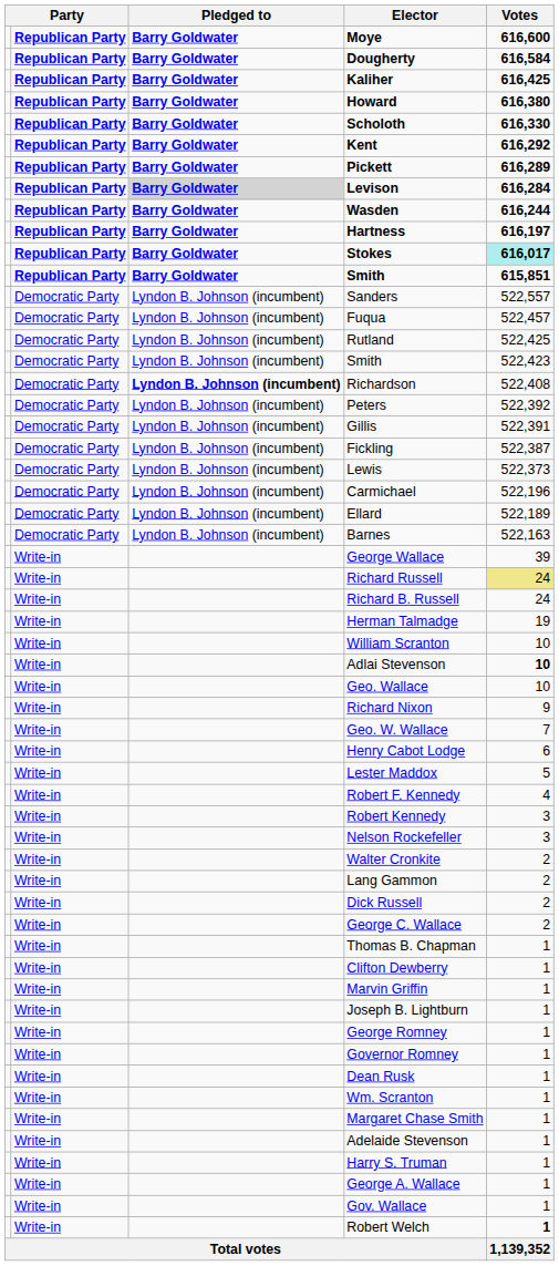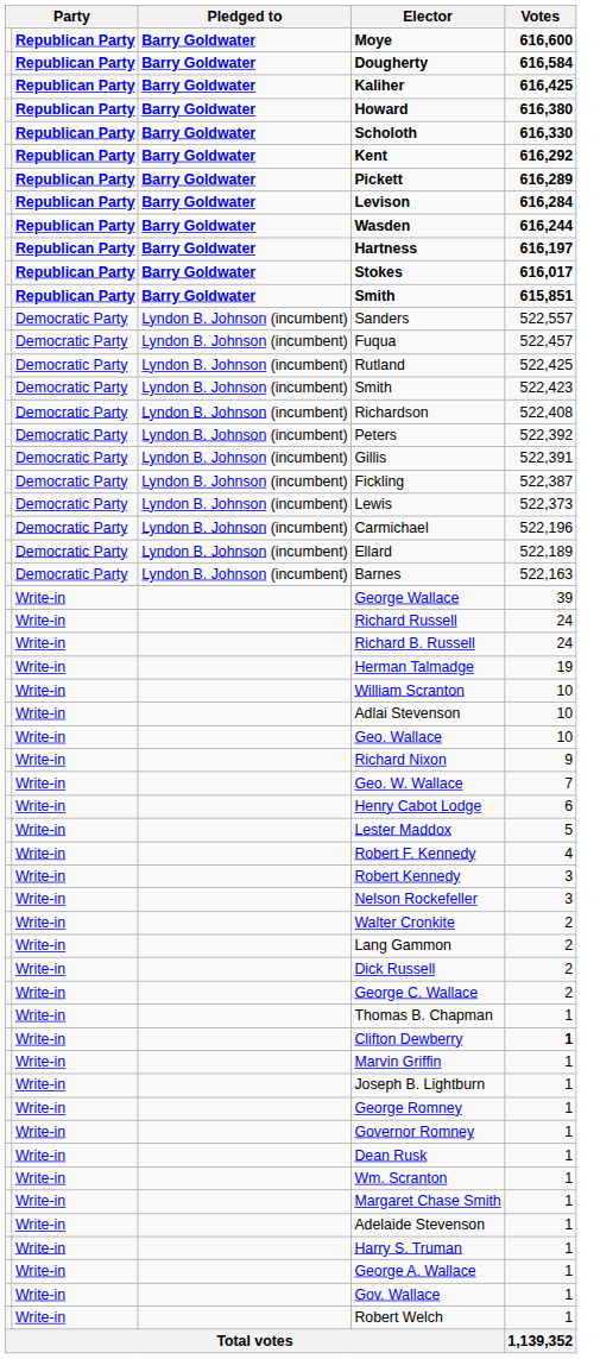 <table class="wikitable">
 <tr>
 <th colspan=2>Party</th>
 <th>Pledged to</th>
 <th>Elector</th>
 <th>Votes</th>
 </tr>
 <tr style="font-weight:bold">
 <td bgcolor=></td>
 <td><a href='#'>Republican Party</a></td>
 <td><a href='#'>Barry Goldwater</a></td>
 <td>Moye</td>
 <td align=right>616,600</td>
 </tr>
 <tr style="font-weight:bold">
 <td bgcolor=></td>
 <td><a href='#'>Republican Party</a></td>
 <td><a href='#'>Barry Goldwater</a></td>
 <td>Dougherty</td>
 <td align=right>616,584</td>
 </tr>
 <tr style="font-weight:bold">
 <td bgcolor=></td>
 <td><a href='#'>Republican Party</a></td>
 <td><a href='#'>Barry Goldwater</a></td>
 <td>Kaliher</td>
 <td align=right>616,425</td>
 </tr>
 <tr style="font-weight:bold">
 <td bgcolor=></td>
 <td><a href='#'>Republican Party</a></td>
 <td><a href='#'>Barry Goldwater</a></td>
 <td>Howard</td>
 <td align=right>616,380</td>
 </tr>
 <tr style="font-weight:bold">
 <td bgcolor=></td>
 <td><a href='#'>Republican Party</a></td>
 <td><a href='#'>Barry Goldwater</a></td>
 <td>Scholoth</td>
 <td align=right>616,330</td>
 </tr>
 <tr style="font-weight:bold">
 <td bgcolor=></td>
 <td><a href='#'>Republican Party</a></td>
 <td><a href='#'>Barry Goldwater</a></td>
 <td>Kent</td>
 <td align=right>616,292</td>
 </tr>
 <tr style="font-weight:bold">
 <td bgcolor=></td>
 <td><a href='#'>Republican Party</a></td>
 <td><a href='#'>Barry Goldwater</a></td>
 <td>Pickett</td>
 <td align=right>616,289</td>
 </tr>
 <tr style="font-weight:bold">
 <td bgcolor=></td>
 <td><a href='#'>Republican Party</a></td>
-<td style="background: lightgrey;"><a href='#'>Barry Goldwater</a></td>
+<td><a href='#'>Barry Goldwater</a></td>
 <td>Levison</td>
 <td align=right>616,284</td>
 </tr>
 <tr style="font-weight:bold">
 <td bgcolor=></td>
 <td><a href='#'>Republican Party</a></td>
 <td><a href='#'>Barry Goldwater</a></td>
 <td>Wasden</td>
 <td align=right>616,244</td>
 </tr>
 <tr style="font-weight:bold">
 <td bgcolor=></td>
 <td><a href='#'>Republican Party</a></td>
 <td><a href='#'>Barry Goldwater</a></td>
 <td>Hartness</td>
 <td align=right>616,197</td>
 </tr>
 <tr style="font-weight:bold">
 <td bgcolor=></td>
 <td><a href='#'>Republican Party</a></td>
 <td><a href='#'>Barry Goldwater</a></td>
 <td>Stokes</td>
-<td align=right style="background: paleturquoise;">616,017</td>
+<td align=right>616,017</td>
 </tr>
 <tr style="font-weight:bold">
 <td bgcolor=></td>
 <td><a href='#'>Republican Party</a></td>
 <td><a href='#'>Barry Goldwater</a></td>
 <td>Smith</td>
 <td align=right>615,851</td>
 </tr>
 <tr>
 <td bgcolor=></td>
 <td><a href='#'>Democratic Party</a></td>
 <td><a href='#'>Lyndon B. Johnson</a> (incumbent)</td>
 <td>Sanders</td>
 <td align=right>522,557</td>
 </tr>
 <tr>
 <td bgcolor=></td>
 <td><a href='#'>Democratic Party</a></td>
 <td><a href='#'>Lyndon B. Johnson</a> (incumbent)</td>
 <td>Fuqua</td>
 <td align=right>522,457</td>
 </tr>
 <tr>
 <td bgcolor=></td>
 <td><a href='#'>Democratic Party</a></td>
 <td><a href='#'>Lyndon B. Johnson</a> (incumbent)</td>
 <td>Rutland</td>
 <td align=right>522,425</td>
 </tr>
 <tr>
 <td bgcolor=></td>
 <td><a href='#'>Democratic Party</a></td>
 <td><a href='#'>Lyndon B. Johnson</a> (incumbent)</td>
 <td>Smith</td>
 <td align=right>522,423</td>
 </tr>
 <tr>
 <td bgcolor=></td>
 <td><a href='#'>Democratic Party</a></td>
-<td><strong><a href='#'>Lyndon B. Johnson</a> (incumbent)</strong></td>
+<td><a href='#'>Lyndon B. Johnson</a> (incumbent)</td>
 <td>Richardson</td>
 <td align=right>522,408</td>
 </tr>
 <tr>
 <td bgcolor=></td>
 <td><a href='#'>Democratic Party</a></td>
 <td><a href='#'>Lyndon B. Johnson</a> (incumbent)</td>
 <td>Peters</td>
 <td align=right>522,392</td>
 </tr>
 <tr>
 <td bgcolor=></td>
 <td><a href='#'>Democratic Party</a></td>
 <td><a href='#'>Lyndon B. Johnson</a> (incumbent)</td>
 <td>Gillis</td>
 <td align=right>522,391</td>
 </tr>
 <tr>
 <td bgcolor=></td>
 <td><a href='#'>Democratic Party</a></td>
 <td><a href='#'>Lyndon B. Johnson</a> (incumbent)</td>
 <td>Fickling</td>
 <td align=right>522,387</td>
 </tr>
 <tr>
 <td bgcolor=></td>
 <td><a href='#'>Democratic Party</a></td>
 <td><a href='#'>Lyndon B. Johnson</a> (incumbent)</td>
 <td>Lewis</td>
 <td align=right>522,373</td>
 </tr>
 <tr>
 <td bgcolor=></td>
 <td><a href='#'>Democratic Party</a></td>
 <td><a href='#'>Lyndon B. Johnson</a> (incumbent)</td>
 <td>Carmichael</td>
 <td align=right>522,196</td>
 </tr>
 <tr>
 <td bgcolor=></td>
 <td><a href='#'>Democratic Party</a></td>
 <td><a href='#'>Lyndon B. Johnson</a> (incumbent)</td>
 <td>Ellard</td>
 <td align=right>522,189</td>
 </tr>
 <tr>
 <td bgcolor=></td>
 <td><a href='#'>Democratic Party</a></td>
 <td><a href='#'>Lyndon B. Johnson</a> (incumbent)</td>
 <td>Barnes</td>
 <td align=right>522,163</td>
 </tr>
 <tr>
 <td bgcolor=></td>
 <td><a href='#'>Write-in</a></td>
 <td></td>
 <td><a href='#'>George Wallace</a></td>
 <td align=right>39</td>
 </tr>
 <tr>
 <td bgcolor=></td>
 <td><a href='#'>Write-in</a></td>
 <td></td>
 <td><a href='#'>Richard Russell</a></td>
-<td align=right style="background: khaki;">24</td>
+<td align=right>24</td>
 </tr>
 <tr>
 <td bgcolor=></td>
 <td><a href='#'>Write-in</a></td>
 <td></td>
 <td><a href='#'>Richard B. Russell</a></td>
 <td align=right>24</td>
 </tr>
 <tr>
 <td bgcolor=></td>
 <td><a href='#'>Write-in</a></td>
 <td></td>
 <td><a href='#'>Herman Talmadge</a></td>
 <td align=right>19</td>
 </tr>
 <tr>
 <td bgcolor=></td>
 <td><a href='#'>Write-in</a></td>
 <td></td>
 <td><a href='#'>William Scranton</a></td>
 <td align=right>10</td>
 </tr>
 <tr>
 <td bgcolor=></td>
 <td><a href='#'>Write-in</a></td>
 <td></td>
 <td>Adlai Stevenson</td>
-<td align=right><strong>10</strong></td>
+<td align=right>10</td>
 </tr>
 <tr>
 <td bgcolor=></td>
 <td><a href='#'>Write-in</a></td>
 <td></td>
 <td><a href='#'>Geo. Wallace</a></td>
 <td align=right>10</td>
 </tr>
 <tr>
 <td bgcolor=></td>
 <td><a href='#'>Write-in</a></td>
 <td></td>
 <td><a href='#'>Richard Nixon</a></td>
 <td align=right>9</td>
 </tr>
 <tr>
 <td bgcolor=></td>
 <td><a href='#'>Write-in</a></td>
 <td></td>
 <td><a href='#'>Geo. W. Wallace</a></td>
 <td align=right>7</td>
 </tr>
 <tr>
 <td bgcolor=></td>
 <td><a href='#'>Write-in</a></td>
 <td></td>
 <td><a href='#'>Henry Cabot Lodge</a></td>
 <td align=right>6</td>
 </tr>
 <tr>
 <td bgcolor=></td>
 <td><a href='#'>Write-in</a></td>
 <td></td>
 <td><a href='#'>Lester Maddox</a></td>
 <td align=right>5</td>
 </tr>
 <tr>
 <td bgcolor=></td>
 <td><a href='#'>Write-in</a></td>
 <td></td>
 <td><a href='#'>Robert F. Kennedy</a></td>
 <td align=right>4</td>
 </tr>
 <tr>
 <td bgcolor=></td>
 <td><a href='#'>Write-in</a></td>
 <td></td>
 <td><a href='#'>Robert Kennedy</a></td>
 <td align=right>3</td>
 </tr>
 <tr>
 <td bgcolor=></td>
 <td><a href='#'>Write-in</a></td>
 <td></td>
 <td><a href='#'>Nelson Rockefeller</a></td>
 <td align=right>3</td>
 </tr>
 <tr>
 <td bgcolor=></td>
 <td><a href='#'>Write-in</a></td>
 <td></td>
 <td><a href='#'>Walter Cronkite</a></td>
 <td align=right>2</td>
 </tr>
 <tr>
 <td bgcolor=></td>
 <td><a href='#'>Write-in</a></td>
 <td></td>
 <td>Lang Gammon</td>
 <td align=right>2</td>
 </tr>
 <tr>
 <td bgcolor=></td>
 <td><a href='#'>Write-in</a></td>
 <td></td>
 <td><a href='#'>Dick Russell</a></td>
 <td align=right>2</td>
 </tr>
 <tr>
 <td bgcolor=></td>
 <td><a href='#'>Write-in</a></td>
 <td></td>
 <td><a href='#'>George C. Wallace</a></td>
 <td align=right>2</td>
 </tr>
 <tr>
 <td bgcolor=></td>
 <td><a href='#'>Write-in</a></td>
 <td></td>
 <td>Thomas B. Chapman</td>
 <td align=right>1</td>
 </tr>
 <tr>
 <td bgcolor=></td>
 <td><a href='#'>Write-in</a></td>
 <td></td>
 <td><a href='#'>Clifton Dewberry</a></td>
-<td align=right>1</td>
+<td align=right><strong>1</strong></td>
 </tr>
 <tr>
 <td bgcolor=></td>
 <td><a href='#'>Write-in</a></td>
 <td></td>
 <td><a href='#'>Marvin Griffin</a></td>
 <td align=right>1</td>
 </tr>
 <tr>
 <td bgcolor=></td>
 <td><a href='#'>Write-in</a></td>
 <td></td>
 <td>Joseph B. Lightburn</td>
 <td align=right>1</td>
 </tr>
 <tr>
 <td bgcolor=></td>
 <td><a href='#'>Write-in</a></td>
 <td></td>
 <td><a href='#'>George Romney</a></td>
 <td align=right>1</td>
 </tr>
 <tr>
 <td bgcolor=></td>
 <td><a href='#'>Write-in</a></td>
 <td></td>
 <td><a href='#'>Governor Romney</a></td>
 <td align=right>1</td>
 </tr>
 <tr>
 <td bgcolor=></td>
 <td><a href='#'>Write-in</a></td>
 <td></td>
 <td><a href='#'>Dean Rusk</a></td>
 <td align=right>1</td>
 </tr>
 <tr>
 <td bgcolor=></td>
 <td><a href='#'>Write-in</a></td>
 <td></td>
 <td><a href='#'>Wm. Scranton</a></td>
 <td align=right>1</td>
 </tr>
 <tr>
 <td bgcolor=></td>
 <td><a href='#'>Write-in</a></td>
 <td></td>
 <td><a href='#'>Margaret Chase Smith</a></td>
 <td align=right>1</td>
 </tr>
 <tr>
 <td bgcolor=></td>
 <td><a href='#'>Write-in</a></td>
 <td></td>
 <td>Adelaide Stevenson</td>
 <td align=right>1</td>
 </tr>
 <tr>
 <td bgcolor=></td>
 <td><a href='#'>Write-in</a></td>
 <td></td>
 <td><a href='#'>Harry S. Truman</a></td>
 <td align=right>1</td>
 </tr>
 <tr>
 <td bgcolor=></td>
 <td><a href='#'>Write-in</a></td>
 <td></td>
 <td><a href='#'>George A. Wallace</a></td>
 <td align=right>1</td>
 </tr>
 <tr>
 <td bgcolor=></td>
 <td><a href='#'>Write-in</a></td>
 <td></td>
 <td><a href='#'>Gov. Wallace</a></td>
 <td align=right>1</td>
 </tr>
 <tr>
 <td bgcolor=></td>
 <td><a href='#'>Write-in</a></td>
 <td></td>
 <td>Robert Welch</td>
-<td align=right><strong>1</strong></td>
+<td align=right>1</td>
 </tr>
 <tr>
 <th colspan=4>Total votes</th>
 <th>1,139,352</th>
 </tr>
 </table>
